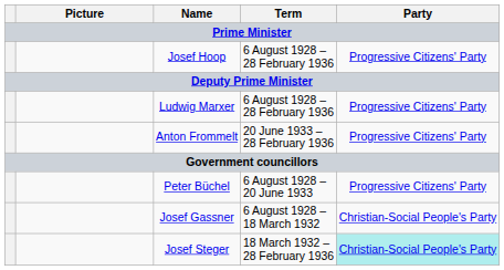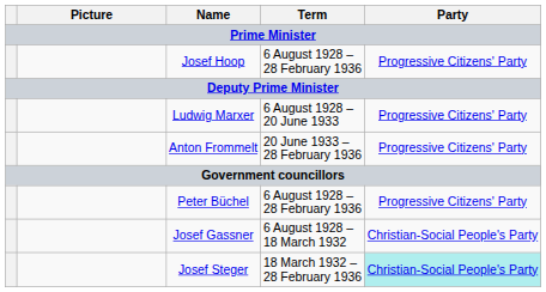 <table class="wikitable" style="text-align:center">
 <tr>
 <th style="width: 0.5em"></th>
 <th style="width: 11.5em"><strong>Picture</strong></th>
 <th><strong>Name</strong></th>
 <th><strong>Term</strong></th>
 <th><strong>Party</strong></th>
 </tr>
 <tr>
 <th colspan="6" style="background:#CCD2D9"><a href='#'>Prime Minister</a></th>
 </tr>
 <tr>
 <th style="background:"></th>
 <td></td>
 <td><a href='#'>Josef Hoop</a></td>
 <td style="text-align:left">6 August 1928 –<br>28 February 1936</td>
 <td><a href='#'>Progressive Citizens' Party</a></td>
 </tr>
 <tr>
 <th colspan="6" style="background:#CCD2D9"><a href='#'>Deputy Prime Minister</a></th>
 </tr>
 <tr>
 <th style="background:"></th>
 <td></td>
 <td><a href='#'>Ludwig Marxer</a></td>
-<td style="text-align:left">6 August 1928 –<br>28 February 1936</td>
+<td style="text-align:left">6 August 1928 –<br>20 June 1933</td>
 <td><a href='#'>Progressive Citizens' Party</a></td>
 </tr>
 <tr>
 <th style="background:"></th>
 <td></td>
 <td><a href='#'>Anton Frommelt</a></td>
 <td style="text-align:left">20 June 1933 –<br>28 February 1936</td>
 <td><a href='#'>Progressive Citizens' Party</a></td>
 </tr>
 <tr>
 <th colspan="6" style="background:#CCD2D9">Government councillors</th>
 </tr>
 <tr>
 <th style="background:"></th>
 <td></td>
 <td><a href='#'>Peter Büchel</a></td>
-<td style="text-align:left">6 August 1928 –<br>20 June 1933</td>
+<td style="text-align:left">6 August 1928 –<br>28 February 1936</td>
 <td><a href='#'>Progressive Citizens' Party</a></td>
 </tr>
 <tr>
 <th style="background:"></th>
 <td></td>
 <td><a href='#'>Josef Gassner</a></td>
 <td style="text-align:left">6 August 1928 –<br>18 March 1932</td>
 <td><a href='#'>Christian-Social People's Party</a></td>
 </tr>
 <tr>
 <th style="background:"></th>
 <td></td>
 <td><a href='#'>Josef Steger</a></td>
 <td style="text-align:left">18 March 1932 –<br>28 February 1936</td>
 <td style="background: paleturquoise;"><a href='#'>Christian-Social People's Party</a></td>
 </tr>
 </table>
